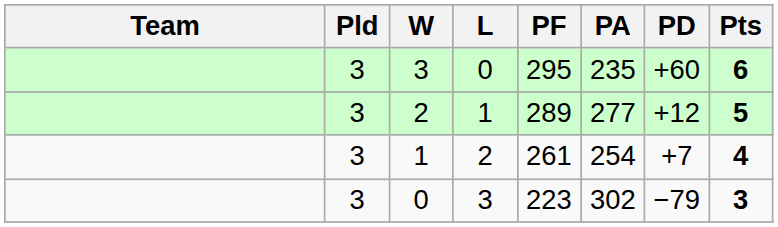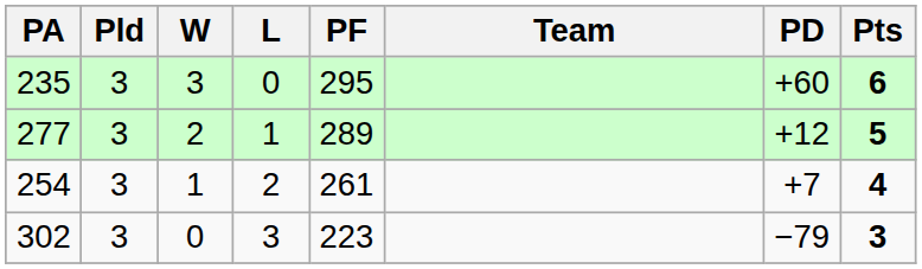 <table class="wikitable" style="text-align:center;">
 <tr>
-<th width=180>Team</th>
+<th width=30>PA</th>
 <th width=30>Pld</th>
 <th width=30>W</th>
 <th width=30>L</th>
 <th width=30>PF</th>
-<th width=30>PA</th>
+<th width=180>Team</th>
 <th width=30>PD</th>
 <th width=30>Pts</th>
 </tr>
 <tr bgcolor="#ccffcc">
-<td align="left"></td>
+<td>235</td>
 <td>3</td>
 <td>3</td>
 <td>0</td>
 <td>295</td>
-<td>235</td>
+<td align="left"></td>
 <td>+60</td>
 <td><strong>6</strong></td>
 </tr>
 <tr bgcolor="#ccffcc">
-<td align="left"></td>
+<td>277</td>
 <td>3</td>
 <td>2</td>
 <td>1</td>
 <td>289</td>
-<td>277</td>
+<td align="left"></td>
 <td>+12</td>
 <td><strong>5</strong></td>
 </tr>
 <tr>
-<td align="left"></td>
+<td>254</td>
 <td>3</td>
 <td>1</td>
 <td>2</td>
 <td>261</td>
-<td>254</td>
+<td align="left"></td>
 <td>+7</td>
 <td><strong>4</strong></td>
 </tr>
 <tr>
-<td align="left"></td>
+<td>302</td>
 <td>3</td>
 <td>0</td>
 <td>3</td>
 <td>223</td>
-<td>302</td>
+<td align="left"></td>
 <td>−79</td>
 <td><strong>3</strong></td>
 </tr>
 </table>
